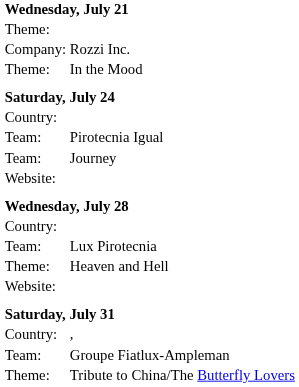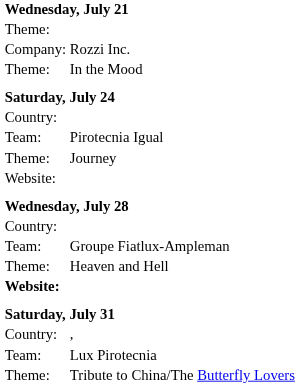 <table border="0">
 <tr>
 <td colspan="2"><strong>Wednesday, July 21</strong></td>
 </tr>
 <tr>
 <td>Theme:</td>
 <td></td>
 </tr>
 <tr>
 <td>Company:</td>
 <td>Rozzi Inc.</td>
 </tr>
 <tr>
 <td>Theme:</td>
 <td>In the Mood</td>
 </tr>
 <tr>
 <td colspan="2"></td>
 </tr>
 <tr>
 <td></td>
 </tr>
 <tr>
 <td colspan="2"><strong>Saturday, July 24</strong></td>
 </tr>
 <tr>
 <td>Country:</td>
 <td></td>
 </tr>
 <tr>
 <td>Team:</td>
 <td>Pirotecnia Igual</td>
 </tr>
 <tr>
-<td>Team:</td>
+<td>Theme:</td>
 <td>Journey</td>
 </tr>
 <tr>
 <td>Website:</td>
 <td></td>
 </tr>
 <tr>
 <td colspan="2"></td>
 </tr>
 <tr>
 <td></td>
 </tr>
 <tr>
 <td colspan="2"><strong>Wednesday, July 28</strong></td>
 </tr>
 <tr>
 <td>Country:</td>
 <td></td>
 </tr>
 <tr>
 <td>Team:</td>
-<td>Lux Pirotecnia</td>
+<td>Groupe Fiatlux-Ampleman</td>
 </tr>
 <tr>
 <td>Theme:</td>
 <td>Heaven and Hell</td>
 </tr>
 <tr>
-<td>Website:</td>
+<td><strong>Website:</strong></td>
 <td></td>
 </tr>
 <tr>
 <td colspan="2"></td>
 </tr>
 <tr>
 <td></td>
 </tr>
 <tr>
 <td colspan="2"><strong>Saturday, July 31</strong></td>
 </tr>
 <tr>
 <td>Country:</td>
 <td>, </td>
 </tr>
 <tr>
 <td>Team:</td>
-<td>Groupe Fiatlux-Ampleman</td>
+<td>Lux Pirotecnia</td>
 </tr>
 <tr>
 <td>Theme:</td>
 <td>Tribute to China/The <a href='#'>Butterfly Lovers</a></td>
 </tr>
 <tr>
 <td colspan="2"></td>
 </tr>
 </table>
